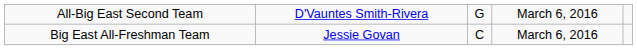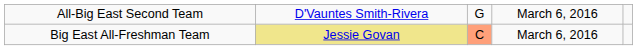 <table class="wikitable" style="width: 90%;text-align: center;">
 <tr align="center">
 <td rowspan="1">All-Big East Second Team</td>
 <td><a href='#'>D'Vauntes Smith-Rivera</a></td>
 <td>G</td>
 <td>March 6, 2016</td>
 <td></td>
 </tr>
 <tr align="center">
 <td rowspan="1">Big East All-Freshman Team</td>
-<td><a href='#'>Jessie Govan</a></td>
-<td>C</td>
+<td style="background: khaki;"><a href='#'>Jessie Govan</a></td>
+<td style="background: lightsalmon;">C</td>
 <td>March 6, 2016</td>
 <td></td>
 </tr>
 </table>
